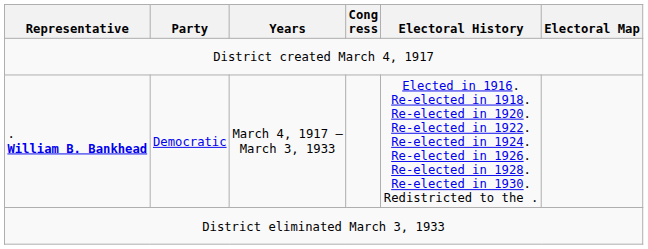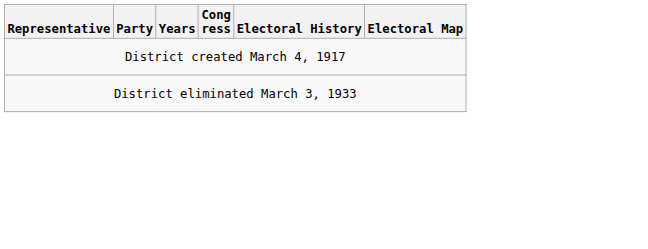 <table class=wikitable style="text-align:center">
 <tr valign=bottom>
 <th>Representative</th>
 <th>Party</th>
 <th>Years</th>
 <th>Cong<br>ress</th>
 <th>Electoral History</th>
 <th>Electoral Map</th>
 </tr>
 <tr style="height:3em">
 <td colspan=6>District created March 4, 1917</td>
 </tr>
 <tr style="height:3em">
-<td align=left>.<br><strong><a href='#'>William B. Bankhead</a></strong><br></td>
-<td><a href='#'>Democratic</a></td>
-<td nowrap>March 4, 1917 –<br>March 3, 1933</td>
-<td></td>
-<td><a href='#'>Elected in 1916</a>.<br><a href='#'>Re-elected in 1918</a>.<br><a href='#'>Re-elected in 1920</a>.<br><a href='#'>Re-elected in 1922</a>.<br><a href='#'>Re-elected in 1924</a>.<br><a href='#'>Re-elected in 1926</a>.<br><a href='#'>Re-elected in 1928</a>.<br><a href='#'>Re-elected in 1930</a>.<br>Redistricted to the .</td>
-<td></td>
-</tr>
-<tr style="height:3em">
 <td colspan=6>District eliminated March 3, 1933</td>
 </tr>
 </table>
